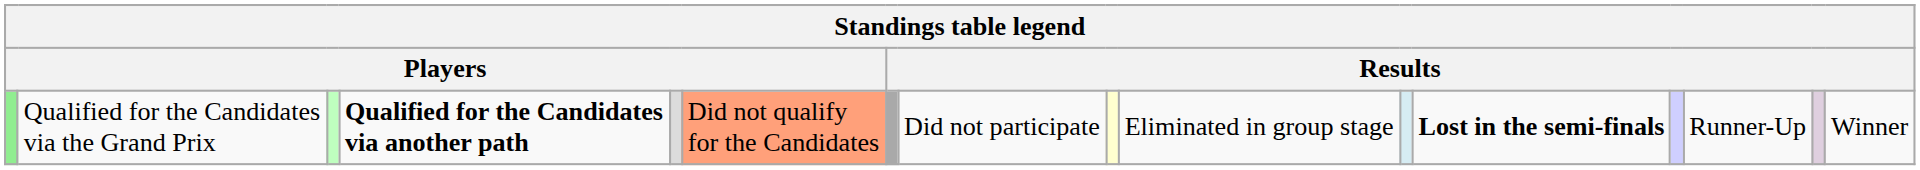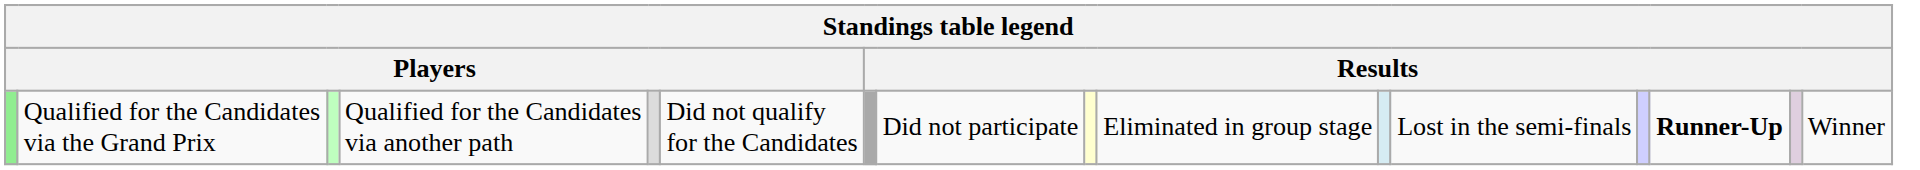 <table class="wikitable" style="font-size:80%;">
 <tr bgcolor="#efefef">
 <th colspan="16">Standings table legend</th>
 </tr>
 <tr>
 <th colspan="6">Players</th>
 <th colspan="10">Results</th>
 </tr>
 <tr>
 <td align="center" style="background:lightgreen;"></td>
 <td>Qualified for the Candidates <br> via the Grand Prix</td>
 <td align="center" style="background:#bfffbf;"></td>
-<td><strong>Qualified for the Candidates <br> via another path</strong></td>
+<td>Qualified for the Candidates <br> via another path</td>
 <td align="center" style="background:#dcdcdc;"></td>
-<td style="background: lightsalmon;">Did not qualify <br> for the Candidates</td>
+<td>Did not qualify <br> for the Candidates</td>
 <td align="center" style="background:#a9a9a9;"></td>
 <td>Did not participate</td>
 <td align="center" style="background:#ffffcf;"></td>
 <td>Eliminated in group stage</td>
 <td align="center" style="background:#d6ecf3;"></td>
-<td><strong>Lost in the semi-finals</strong></td>
+<td>Lost in the semi-finals</td>
 <td align="center" style="background:#cfcfff;"></td>
-<td>Runner-Up</td>
+<td><strong>Runner-Up</strong></td>
 <td align="center" style="background:#dfcfdf;"></td>
 <td>Winner</td>
 </tr>
 </table>
